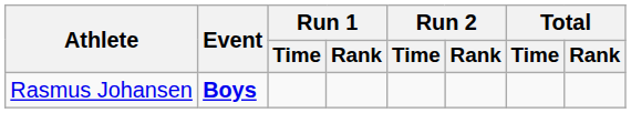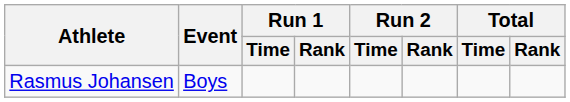 <table class="wikitable" style="font-size:90%">
 <tr>
 <th rowspan="2">Athlete</th>
 <th rowspan="2">Event</th>
 <th colspan="2">Run 1</th>
 <th colspan="2">Run 2</th>
 <th colspan="2">Total</th>
 </tr>
 <tr style="font-size:95%">
 <th>Time</th>
 <th>Rank</th>
 <th>Time</th>
 <th>Rank</th>
 <th>Time</th>
 <th>Rank</th>
 </tr>
 <tr align=center>
 <td align=left><a href='#'>Rasmus Johansen</a></td>
-<td align=left><strong><a href='#'>Boys</a></strong></td>
+<td align=left><a href='#'>Boys</a></td>
 <td></td>
 <td></td>
 <td></td>
 <td></td>
 <td></td>
 <td></td>
 </tr>
 </table>
